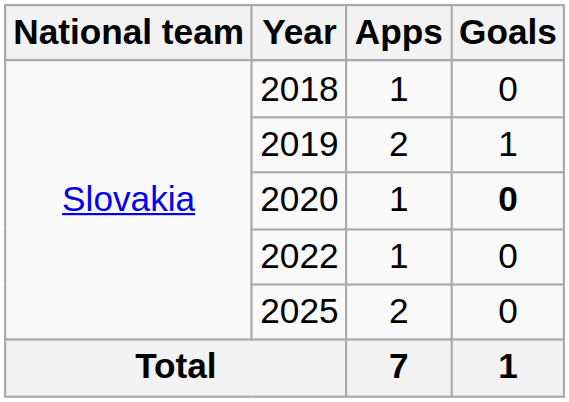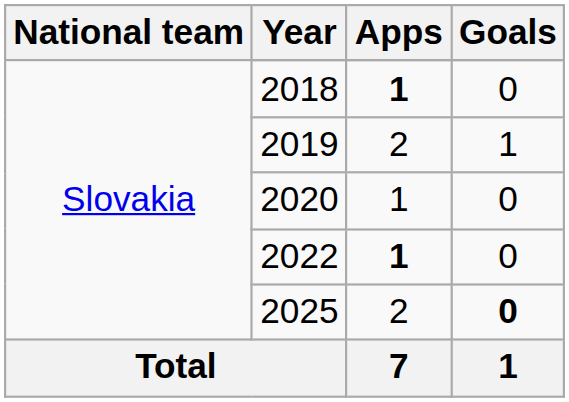 <table class="wikitable" style="text-align:center">
 <tr>
 <th>National team</th>
 <th>Year</th>
 <th>Apps</th>
 <th>Goals</th>
 </tr>
 <tr>
 <td rowspan=6><a href='#'>Slovakia</a></td>
 </tr>
 <tr>
 <td>2018</td>
-<td>1</td>
+<td><strong>1</strong></td>
 <td>0</td>
 </tr>
 <tr>
 <td>2019</td>
 <td>2</td>
 <td>1</td>
 </tr>
 <tr>
 <td>2020</td>
 <td>1</td>
-<td><strong>0</strong></td>
+<td>0</td>
 </tr>
 <tr>
 <td>2022</td>
-<td>1</td>
+<td><strong>1</strong></td>
 <td>0</td>
 </tr>
 <tr>
 <td>2025</td>
 <td>2</td>
-<td>0</td>
+<td><strong>0</strong></td>
 </tr>
 <tr>
 <th colspan="2">Total</th>
 <th>7</th>
 <th>1</th>
 </tr>
 </table>
